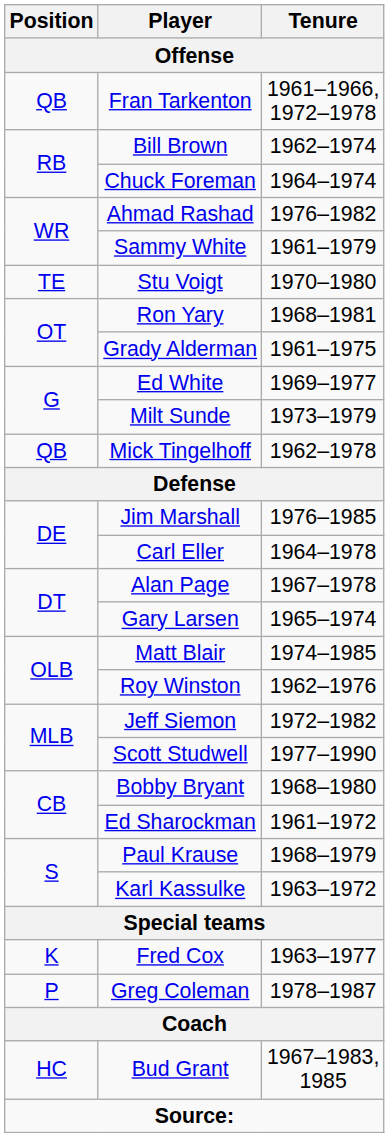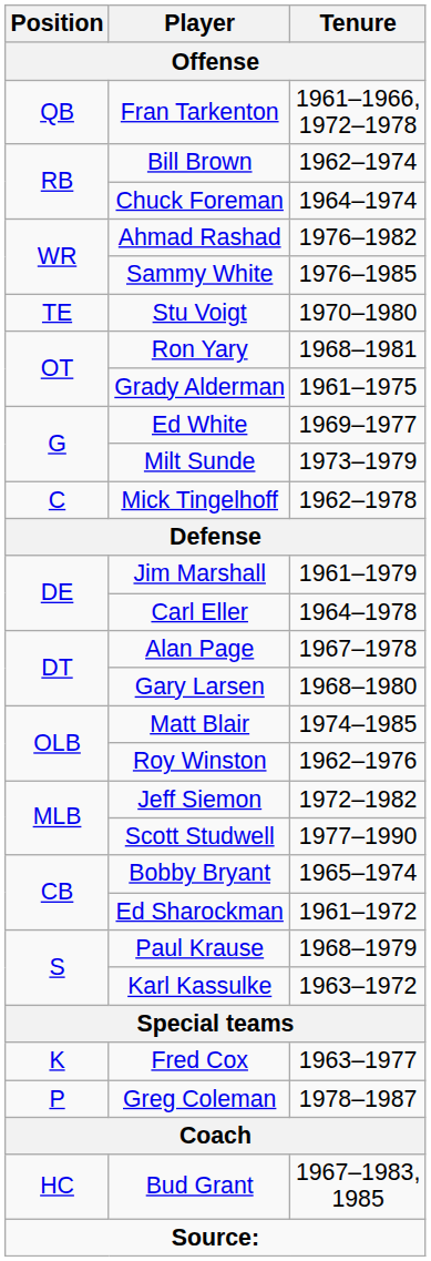 <table class="wikitable" style="text-align: center;">
 <tr>
 <th scope="col">Position</th>
 <th scope="col">Player</th>
 <th scope="col">Tenure</th>
 </tr>
 <tr>
 <th colspan="3">Offense</th>
 </tr>
 <tr>
 <td><a href='#'>QB</a></td>
 <td><a href='#'>Fran Tarkenton</a></td>
 <td>1961–1966, <br> 1972–1978</td>
 </tr>
 <tr>
 <td rowspan="2"><a href='#'>RB</a></td>
 <td><a href='#'>Bill Brown</a></td>
 <td>1962–1974</td>
 </tr>
 <tr>
 <td><a href='#'>Chuck Foreman</a></td>
 <td>1964–1974</td>
 </tr>
 <tr>
 <td rowspan="2"><a href='#'>WR</a></td>
 <td><a href='#'>Ahmad Rashad</a></td>
 <td>1976–1982</td>
 </tr>
 <tr>
 <td><a href='#'>Sammy White</a></td>
-<td>1961–1979</td>
+<td>1976–1985</td>
 </tr>
 <tr>
 <td><a href='#'>TE</a></td>
 <td><a href='#'>Stu Voigt</a></td>
 <td>1970–1980</td>
 </tr>
 <tr>
 <td rowspan="2"><a href='#'>OT</a></td>
 <td><a href='#'>Ron Yary</a></td>
 <td>1968–1981</td>
 </tr>
 <tr>
 <td><a href='#'>Grady Alderman</a></td>
 <td>1961–1975</td>
 </tr>
 <tr>
 <td rowspan="2"><a href='#'>G</a></td>
 <td><a href='#'>Ed White</a></td>
 <td>1969–1977</td>
 </tr>
 <tr>
 <td><a href='#'>Milt Sunde</a></td>
 <td>1973–1979</td>
 </tr>
 <tr>
-<td><a href='#'>QB</a></td>
+<td><a href='#'>C</a></td>
 <td><a href='#'>Mick Tingelhoff</a></td>
 <td>1962–1978</td>
 </tr>
 <tr>
 <th colspan="3">Defense</th>
 </tr>
 <tr>
 <td rowspan="2"><a href='#'>DE</a></td>
 <td><a href='#'>Jim Marshall</a></td>
-<td>1976–1985</td>
+<td>1961–1979</td>
 </tr>
 <tr>
 <td><a href='#'>Carl Eller</a></td>
 <td>1964–1978</td>
 </tr>
 <tr>
 <td rowspan="2"><a href='#'>DT</a></td>
 <td><a href='#'>Alan Page</a></td>
 <td>1967–1978</td>
 </tr>
 <tr>
 <td><a href='#'>Gary Larsen</a></td>
-<td>1965–1974</td>
+<td>1968–1980</td>
 </tr>
 <tr>
 <td rowspan="2"><a href='#'>OLB</a></td>
 <td><a href='#'>Matt Blair</a></td>
 <td>1974–1985</td>
 </tr>
 <tr>
 <td><a href='#'>Roy Winston</a></td>
 <td>1962–1976</td>
 </tr>
 <tr>
 <td rowspan="2"><a href='#'>MLB</a></td>
 <td><a href='#'>Jeff Siemon</a></td>
 <td>1972–1982</td>
 </tr>
 <tr>
 <td><a href='#'>Scott Studwell</a></td>
 <td>1977–1990</td>
 </tr>
 <tr>
 <td rowspan="2"><a href='#'>CB</a></td>
 <td><a href='#'>Bobby Bryant</a></td>
-<td>1968–1980</td>
+<td>1965–1974</td>
 </tr>
 <tr>
 <td><a href='#'>Ed Sharockman</a></td>
 <td>1961–1972</td>
 </tr>
 <tr>
 <td rowspan="2"><a href='#'>S</a></td>
 <td><a href='#'>Paul Krause</a></td>
 <td>1968–1979</td>
 </tr>
 <tr>
 <td><a href='#'>Karl Kassulke</a></td>
 <td>1963–1972</td>
 </tr>
 <tr>
 <th colspan="3">Special teams</th>
 </tr>
 <tr>
 <td><a href='#'>K</a></td>
 <td><a href='#'>Fred Cox</a></td>
 <td>1963–1977</td>
 </tr>
 <tr>
 <td><a href='#'>P</a></td>
 <td><a href='#'>Greg Coleman</a></td>
 <td>1978–1987</td>
 </tr>
 <tr>
 <th colspan="3">Coach</th>
 </tr>
 <tr>
 <td><a href='#'>HC</a></td>
 <td><a href='#'>Bud Grant</a></td>
 <td>1967–1983, <br> 1985</td>
 </tr>
 <tr>
 <td colspan="3" style="text-align: center;"><strong>Source:</strong></td>
 </tr>
 </table>
